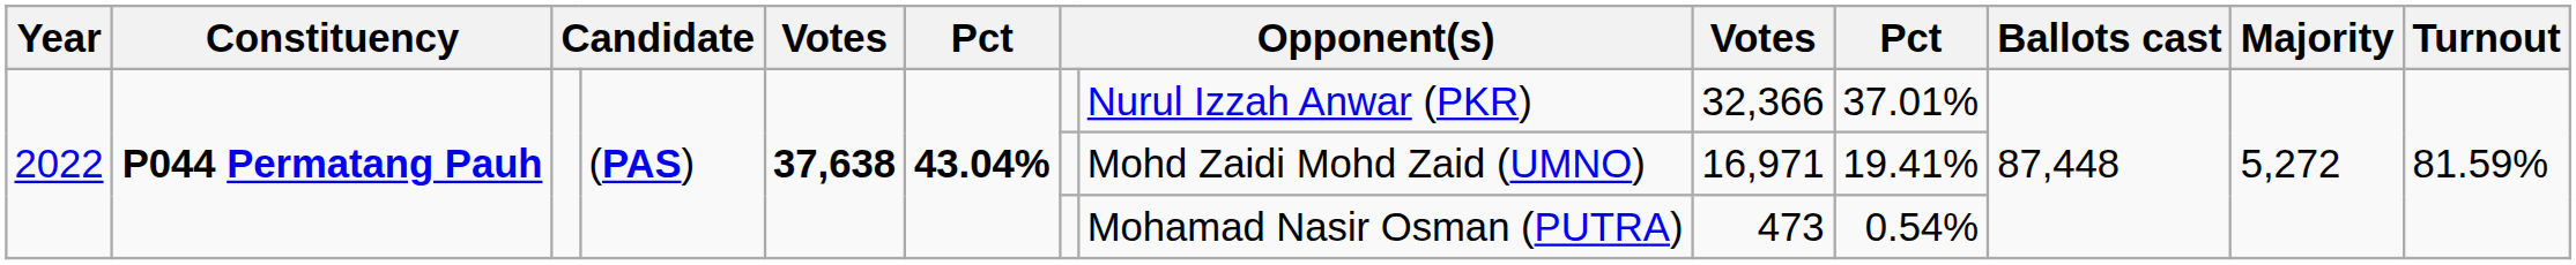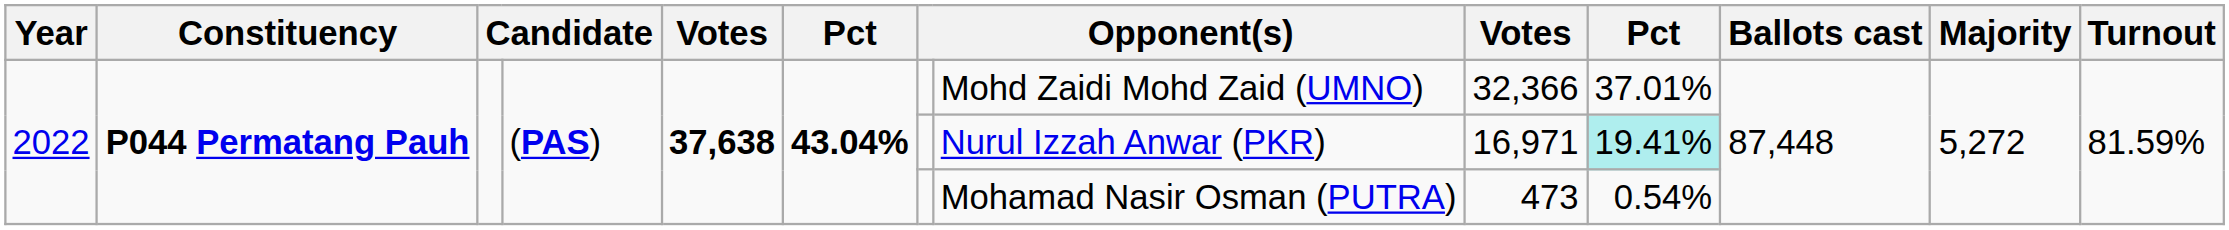 <table class="wikitable" style="margin:0.5em ; font-size:95%">
 <tr>
 <th>Year</th>
 <th>Constituency</th>
 <th colspan=2>Candidate</th>
 <th>Votes</th>
 <th>Pct</th>
 <th colspan=2>Opponent(s)</th>
 <th>Votes</th>
 <th>Pct</th>
 <th>Ballots cast</th>
 <th>Majority</th>
 <th>Turnout</th>
 </tr>
 <tr>
 <td rowspan=3><a href='#'>2022</a></td>
 <td rowspan=3><strong>P044 <a href='#'>Permatang Pauh</a></strong></td>
 <td rowspan=3 bgcolor=></td>
 <td rowspan=3> (<a href='#'><strong>PAS</strong></a>)</td>
 <td rowspan=3 align="right"><strong>37,638</strong></td>
 <td rowspan=3><strong>43.04%</strong></td>
 <td></td>
-<td><a href='#'>Nurul Izzah Anwar</a> (<a href='#'>PKR</a>)</td>
+<td>Mohd Zaidi Mohd Zaid (<a href='#'>UMNO</a>)</td>
 <td align="right">32,366</td>
 <td>37.01%</td>
 <td rowspan=3>87,448</td>
 <td rowspan=3>5,272</td>
 <td rowspan=3>81.59%</td>
 </tr>
 <tr>
 <td></td>
-<td>Mohd Zaidi Mohd Zaid (<a href='#'>UMNO</a>)</td>
+<td><a href='#'>Nurul Izzah Anwar</a> (<a href='#'>PKR</a>)</td>
 <td align="right">16,971</td>
-<td>19.41%</td>
+<td style="background: paleturquoise;">19.41%</td>
 </tr>
 <tr>
 <td bgcolor=></td>
 <td>Mohamad Nasir Osman (<a href='#'>PUTRA</a>)</td>
 <td align="right">473</td>
 <td align=right>0.54%</td>
 </tr>
 </table>
